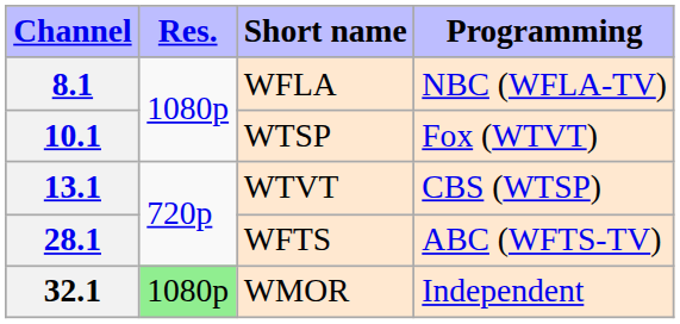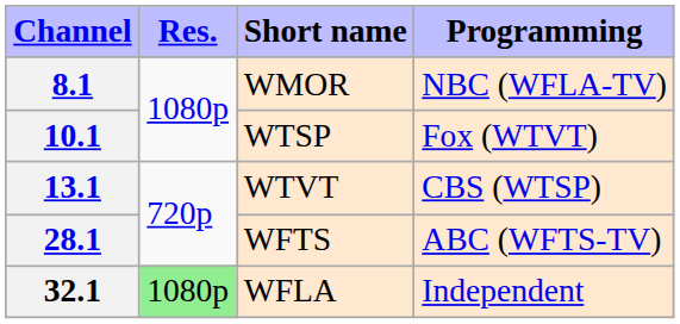 <table class="wikitable">
 <tr>
 <th style="background-color: #bdbdff" scope = "col"><a href='#'>Channel</a></th>
 <th style="background-color: #bdbdff" scope = "col"><a href='#'>Res.</a></th>
 <th style="background-color: #bdbdff" scope = "col">Short name</th>
 <th style="background-color: #bdbdff" scope = "col">Programming</th>
 </tr>
 <tr>
 <th scope = "row"><a href='#'>8.1</a></th>
 <td rowspan=2><a href='#'>1080p</a></td>
-<td style="background-color:#ffe8d0">WFLA</td>
+<td style="background-color:#ffe8d0">WMOR</td>
 <td style="background-color:#ffe8d0"><a href='#'>NBC</a> (<a href='#'>WFLA-TV</a>) </td>
 </tr>
 <tr>
 <th scope = "row"><a href='#'>10.1</a></th>
 <td style="background-color:#ffe8d0">WTSP</td>
 <td style="background-color:#ffe8d0"><a href='#'>Fox</a> (<a href='#'>WTVT</a>) </td>
 </tr>
 <tr>
 <th scope = "row"><a href='#'>13.1</a></th>
 <td rowspan=2><a href='#'>720p</a></td>
 <td style="background-color:#ffe8d0">WTVT</td>
 <td style="background-color:#ffe8d0"><a href='#'>CBS</a> (<a href='#'>WTSP</a>) </td>
 </tr>
 <tr>
 <th scope = "row"><a href='#'>28.1</a></th>
 <td style="background-color:#ffe8d0">WFTS</td>
 <td style="background-color:#ffe8d0"><a href='#'>ABC</a> (<a href='#'>WFTS-TV</a>) </td>
 </tr>
 <tr>
 <th scope = "row">32.1</th>
 <td style="background: lightgreen;">1080p</td>
-<td style="background-color:#ffe8d0">WMOR</td>
+<td style="background-color:#ffe8d0">WFLA</td>
 <td style="background-color:#ffe8d0"><a href='#'>Independent</a> </td>
 </tr>
 </table>
